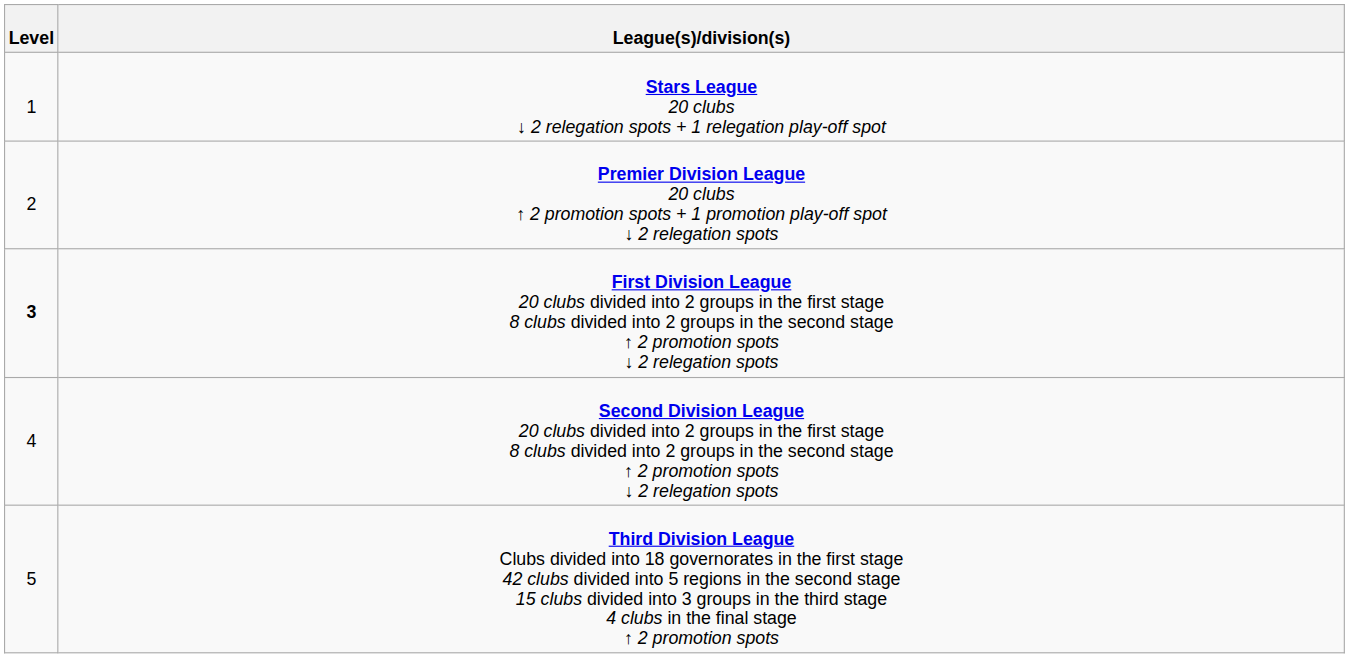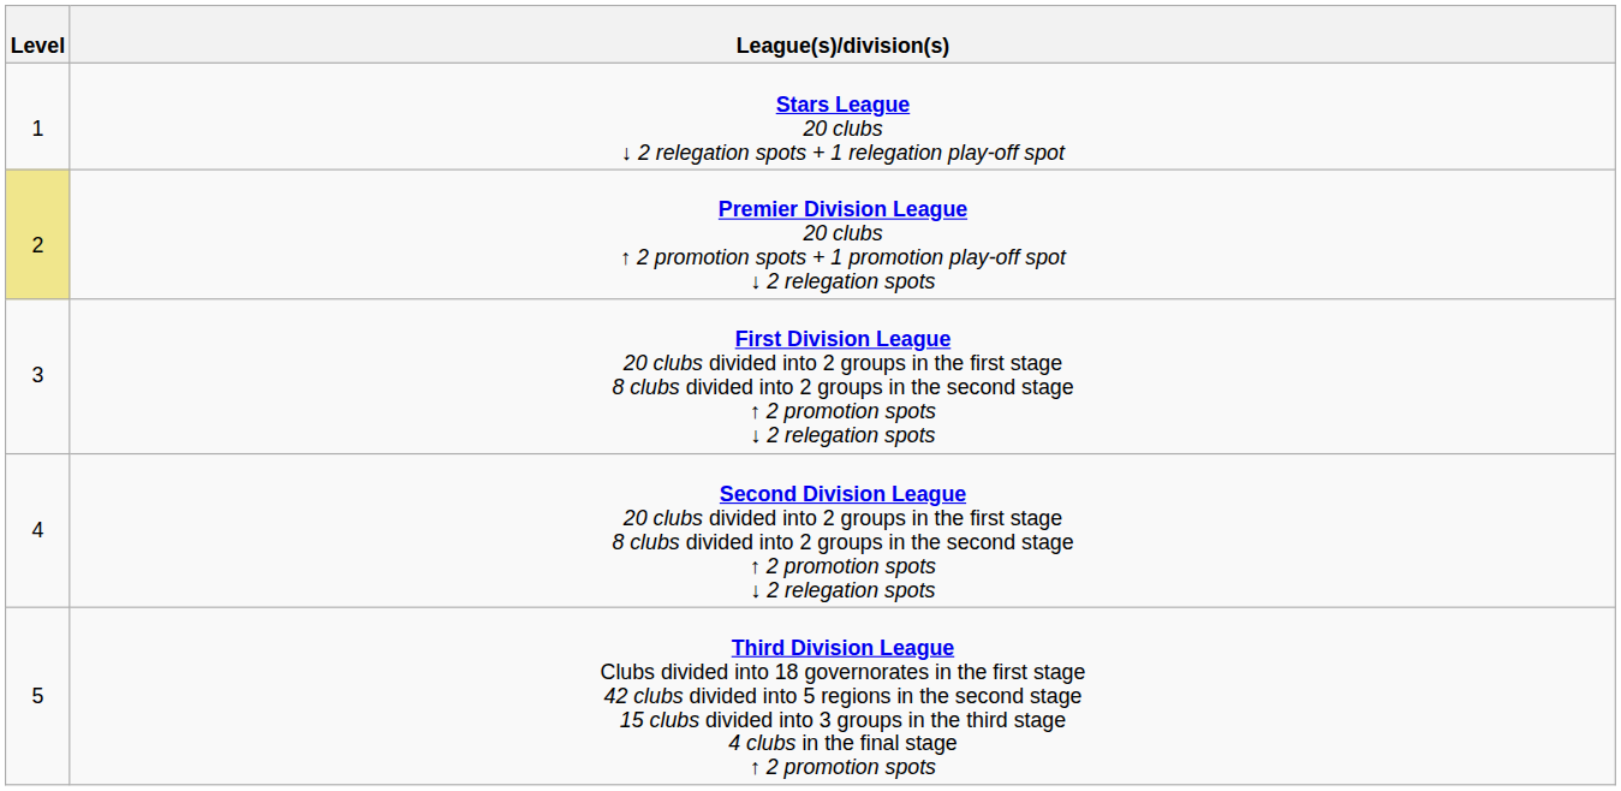 <table class="wikitable" style="text-align: center;">
 <tr>
 <th width=4%><br>Level</th>
 <th colspan="7" width="96%"><br>League(s)/division(s)</th>
 </tr>
 <tr>
 <td><br>1</td>
 <td colspan="7"><br><strong><a href='#'>Stars League</a></strong><br><em>20 clubs</em><br><em>↓ 2 relegation spots + 1 relegation play-off spot</em></td>
 </tr>
 <tr>
-<td><br>2</td>
+<td style="background: khaki;"><br>2</td>
 <td colspan="7"><br><strong><a href='#'>Premier Division League</a></strong><br><em>20 clubs</em><br><em>↑ 2 promotion spots + 1 promotion play-off spot</em><br><em>↓ 2 relegation spots</em></td>
 </tr>
 <tr>
-<td><strong>3</strong></td>
+<td>3</td>
 <td colspan="7"><br><strong><a href='#'>First Division League</a></strong><br><em>20 clubs</em> divided into 2 groups in the first stage<br><em>8 clubs</em> divided into 2 groups in the second stage<br><em>↑ 2 promotion spots</em><br><em>↓ 2 relegation spots</em></td>
 </tr>
 <tr>
 <td>4</td>
 <td colspan="7"><br><strong><a href='#'>Second Division League</a></strong><br><em>20 clubs</em> divided into 2 groups in the first stage<br><em>8 clubs</em> divided into 2 groups in the second stage<br><em>↑ 2 promotion spots</em><br><em>↓ 2 relegation spots</em></td>
 </tr>
 <tr>
 <td>5</td>
 <td colspan="7"><br><strong><a href='#'>Third Division League</a></strong><br>Clubs divided into 18 governorates in the first stage<br><em>42 clubs</em> divided into 5 regions in the second stage<br><em>15 clubs</em> divided into 3 groups in the third stage<br><em>4 clubs</em> in the final stage<br><em>↑ 2 promotion spots</em></td>
 </tr>
 </table>
